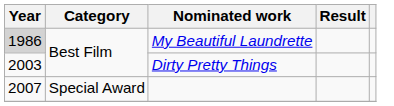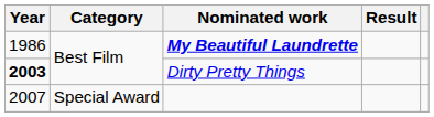 <table class="wikitable">
 <tr>
 <th>Year</th>
 <th>Category</th>
 <th>Nominated work</th>
 <th>Result</th>
 <th></th>
 </tr>
 <tr>
-<td style="background: lightgrey;">1986</td>
+<td>1986</td>
 <td rowspan=2>Best Film</td>
-<td><em><a href='#'>My Beautiful Laundrette</a></em></td>
+<td><strong><em><a href='#'>My Beautiful Laundrette</a></em></strong></td>
 <td></td>
 <td></td>
 </tr>
 <tr>
-<td>2003</td>
+<td><strong>2003</strong></td>
 <td><em><a href='#'>Dirty Pretty Things</a></em></td>
 <td></td>
 <td></td>
 </tr>
 <tr>
 <td>2007</td>
 <td>Special Award</td>
 <td></td>
 <td></td>
 <td></td>
 </tr>
 <tr>
 </tr>
 </table>
